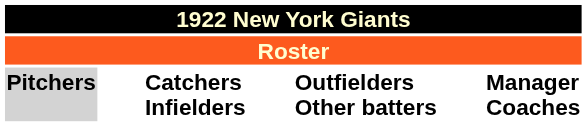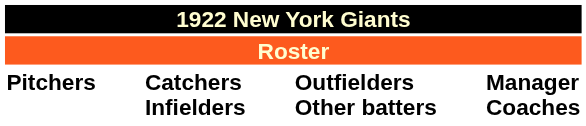 <table class="toccolours" style="font-size: 95%;">
 <tr>
 <th colspan="10" style="background-color: black; color: #FFFDD0; text-align: center;">1922 New York Giants</th>
 </tr>
 <tr>
 <td colspan="10" style="background-color: #fd5a1e; color: #FFFDD0; text-align: center;"><strong>Roster</strong></td>
 </tr>
 <tr>
-<td valign="top" style="background: lightgrey;"><strong>Pitchers</strong><br>                    </td>
+<td valign="top"><strong>Pitchers</strong><br>                    </td>
 <td width="25px"></td>
 <td valign="top"><strong>Catchers</strong><br>    <strong>Infielders</strong>              </td>
 <td width="25px"></td>
 <td valign="top"><strong>Outfielders</strong><br>            <strong>Other batters</strong>    </td>
 <td width="25px"></td>
 <td valign="top"><strong>Manager</strong><br> <strong>Coaches</strong>  </td>
 </tr>
 </table>
